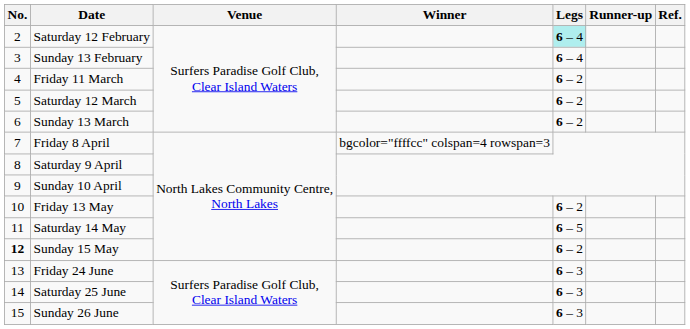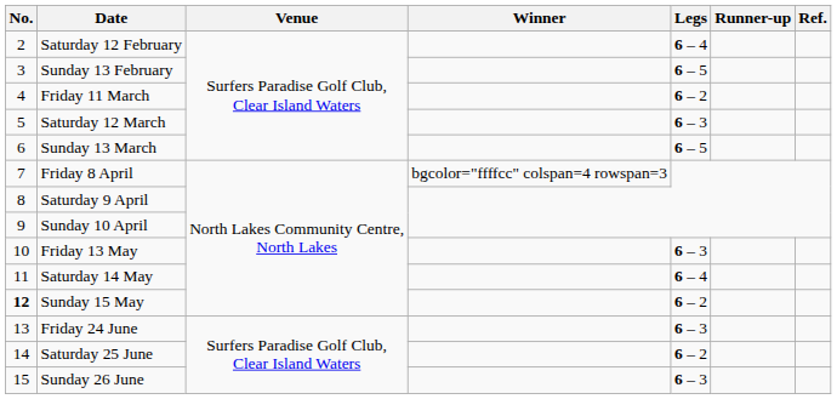 <table class="wikitable">
 <tr>
 <th>No.</th>
 <th>Date</th>
 <th>Venue</th>
 <th>Winner</th>
 <th>Legs</th>
 <th>Runner-up</th>
 <th>Ref.</th>
 </tr>
 <tr>
 <td align=center>2</td>
 <td align=left>Saturday 12 February</td>
 <td align="center" rowspan="5">Surfers Paradise Golf Club,<br> <a href='#'>Clear Island Waters</a></td>
 <td align="right"></td>
-<td align="center" style="background: paleturquoise;"><strong>6</strong> – 4</td>
+<td align="center"><strong>6</strong> – 4</td>
 <td></td>
 <td align="center"></td>
 </tr>
 <tr>
 <td align=center>3</td>
 <td align=left>Sunday 13 February</td>
 <td align="right"></td>
-<td align="center"><strong>6</strong> – 4</td>
+<td align="center"><strong>6</strong> – 5</td>
 <td></td>
 <td align="center"></td>
 </tr>
 <tr>
 <td align=center>4</td>
 <td align=left>Friday 11 March</td>
 <td align="right"></td>
 <td align="center"><strong>6</strong> – 2</td>
 <td></td>
 <td align="center"></td>
 </tr>
 <tr>
 <td align=center>5</td>
 <td align=left>Saturday 12 March</td>
 <td align="right"></td>
-<td align="center"><strong>6</strong> – 2</td>
+<td align="center"><strong>6</strong> – 3</td>
 <td></td>
 <td align="center"></td>
 </tr>
 <tr>
 <td align=center>6</td>
 <td align=left>Sunday 13 March</td>
 <td align="right"></td>
-<td align="center"><strong>6</strong> – 2</td>
+<td align="center"><strong>6</strong> – 5</td>
 <td></td>
 <td align="center"></td>
 </tr>
 <tr>
 <td align=center>7</td>
 <td align=left>Friday 8 April</td>
 <td align="center" rowspan="6">North Lakes Community Centre,<br> <a href='#'>North Lakes</a></td>
 <td>bgcolor="ffffcc" colspan=4 rowspan=3 </td>
 </tr>
 <tr>
 <td align=center>8</td>
 <td align=left>Saturday 9 April</td>
 </tr>
 <tr>
 <td align=center>9</td>
 <td align=left>Sunday 10 April</td>
 </tr>
 <tr>
 <td align=center>10</td>
 <td align=left>Friday 13 May</td>
 <td align="right"></td>
-<td align="center"><strong>6</strong> – 2</td>
+<td align="center"><strong>6</strong> – 3</td>
 <td></td>
 <td align="center"></td>
 </tr>
 <tr>
 <td align=center>11</td>
 <td align=left>Saturday 14 May</td>
 <td align="right"></td>
-<td align="center"><strong>6</strong> – 5</td>
+<td align="center"><strong>6</strong> – 4</td>
 <td></td>
 <td align="center"></td>
 </tr>
 <tr>
 <td align=center><strong>12</strong></td>
 <td align=left>Sunday 15 May</td>
 <td align="right"></td>
 <td align="center"><strong>6</strong> – 2</td>
 <td></td>
 <td align="center"></td>
 </tr>
 <tr>
 <td align=center>13</td>
 <td align=left>Friday 24 June</td>
 <td align="center" rowspan="3">Surfers Paradise Golf Club,<br> <a href='#'>Clear Island Waters</a></td>
 <td align="right"></td>
 <td align="center"><strong>6</strong> – 3</td>
 <td></td>
 <td align="center"></td>
 </tr>
 <tr>
 <td align=center>14</td>
 <td align=left>Saturday 25 June</td>
 <td align="right"></td>
-<td align="center"><strong>6</strong> – 3</td>
+<td align="center"><strong>6</strong> – 2</td>
 <td></td>
 <td align="center"></td>
 </tr>
 <tr>
 <td align=center>15</td>
 <td align=left>Sunday 26 June</td>
 <td align="right"></td>
 <td align="center"><strong>6</strong> – 3</td>
 <td></td>
 <td align="center"></td>
 </tr>
 </table>
